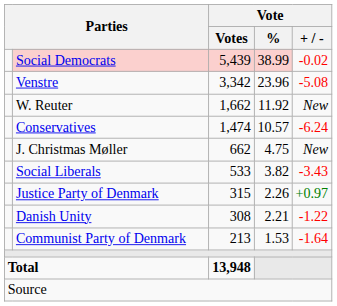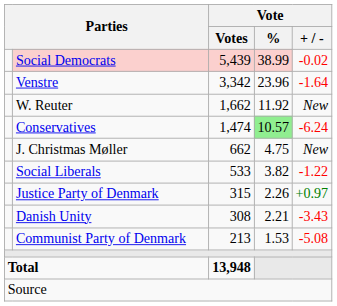 <table class="wikitable" style="text-align:right;">
 <tr>
 <th style="text-align:centre;" rowspan="2" colspan="2" width="225">Parties</th>
 <th colspan="3">Vote</th>
 </tr>
 <tr>
 <th width="15">Votes</th>
 <th width="15">%</th>
 <th width="15">+ / -</th>
 </tr>
 <tr>
 <td width="2" style="color:inherit;background:"></td>
 <td bgcolor=#fbd0ce  align="left"><a href='#'>Social Democrats</a></td>
 <td bgcolor=#fbd0ce>5,439</td>
 <td bgcolor=#fbd0ce>38.99</td>
 <td style=color:red;>-0.02</td>
 </tr>
 <tr>
 <td width="2" style="color:inherit;background:"></td>
 <td align="left"><a href='#'>Venstre</a></td>
 <td>3,342</td>
 <td>23.96</td>
-<td style=color:red;>-5.08</td>
+<td style=color:red;>-1.64</td>
 </tr>
 <tr>
 <td width="2" style="color:inherit;background:"></td>
 <td align="left">W. Reuter</td>
 <td>1,662</td>
 <td>11.92</td>
 <td><em>New</em></td>
 </tr>
 <tr>
 <td width="2" style="color:inherit;background:"></td>
 <td align="left"><a href='#'>Conservatives</a></td>
 <td>1,474</td>
-<td>10.57</td>
+<td style="background: lightgreen;">10.57</td>
 <td style=color:red;>-6.24</td>
 </tr>
 <tr>
 <td width="2" style="color:inherit;background:"></td>
 <td align="left">J. Christmas Møller</td>
 <td>662</td>
 <td>4.75</td>
 <td><em>New</em></td>
 </tr>
 <tr>
 <td width="2" style="color:inherit;background:"></td>
 <td align="left"><a href='#'>Social Liberals</a></td>
 <td>533</td>
 <td>3.82</td>
-<td style=color:red;>-3.43</td>
+<td style=color:red;>-1.22</td>
 </tr>
 <tr>
 <td width="2" style="color:inherit;background:"></td>
 <td align="left"><a href='#'>Justice Party of Denmark</a></td>
 <td>315</td>
 <td>2.26</td>
 <td style=color:green;>+0.97</td>
 </tr>
 <tr>
 <td width="2" style="color:inherit;background:"></td>
 <td align="left"><a href='#'>Danish Unity</a></td>
 <td>308</td>
 <td>2.21</td>
-<td style=color:red;>-1.22</td>
+<td style=color:red;>-3.43</td>
 </tr>
 <tr>
 <td width="2" style="color:inherit;background:"></td>
 <td align="left"><a href='#'>Communist Party of Denmark</a></td>
 <td>213</td>
 <td>1.53</td>
-<td style=color:red;>-1.64</td>
+<td style=color:red;>-5.08</td>
 </tr>
 <tr>
 <td colspan="7" bgcolor="#E9E9E9"></td>
 </tr>
 <tr>
 <td align="left" colspan="2"><strong>Total</strong></td>
 <td><strong>13,948</strong></td>
 <td bgcolor="#E9E9E9" colspan="2"></td>
 </tr>
 <tr>
 <td align="left" colspan="6">Source</td>
 </tr>
 </table>
